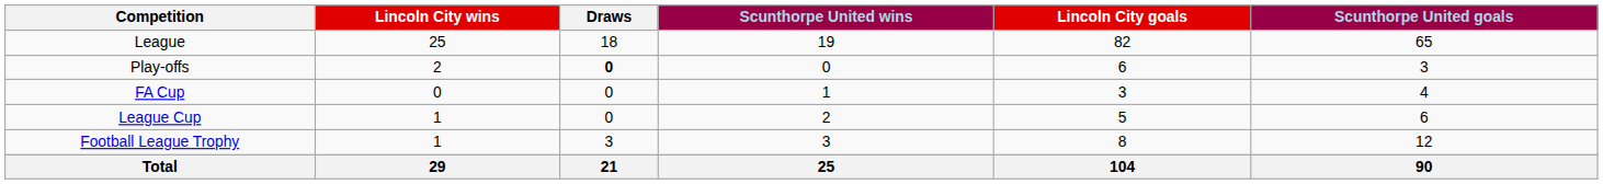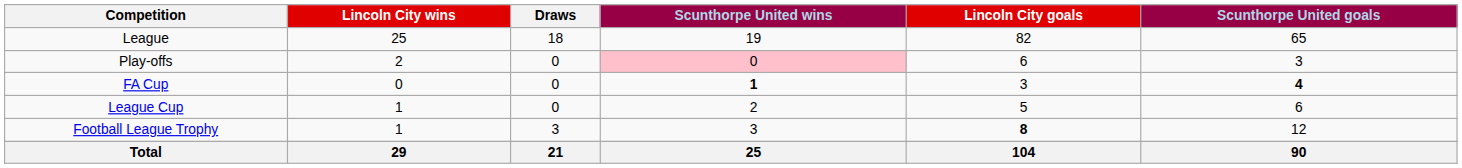 <table class="wikitable" style="text-align: center; width: 100%; font-size: 12px">
 <tr>
 <th>Competition</th>
 <th style="background:#E00000; color:white">Lincoln City wins</th>
 <th>Draws</th>
 <th style="background:#970045; color:#ADD8E6">Scunthorpe United wins</th>
 <th style="background:#E00000; color:white">Lincoln City goals</th>
 <th style="background:#970045; color:#ADD8E6">Scunthorpe United goals</th>
 </tr>
 <tr>
 <td>League</td>
 <td>25</td>
 <td>18</td>
 <td>19</td>
 <td>82</td>
 <td>65</td>
 </tr>
 <tr>
 <td>Play-offs</td>
 <td>2</td>
-<td><strong>0</strong></td>
 <td>0</td>
+<td style="background: pink;">0</td>
 <td>6</td>
 <td>3</td>
 </tr>
 <tr>
 <td><a href='#'>FA Cup</a></td>
 <td>0</td>
 <td>0</td>
-<td>1</td>
+<td><strong>1</strong></td>
 <td>3</td>
-<td>4</td>
+<td><strong>4</strong></td>
 </tr>
 <tr>
 <td><a href='#'>League Cup</a></td>
 <td>1</td>
 <td>0</td>
 <td>2</td>
 <td>5</td>
 <td>6</td>
 </tr>
 <tr>
 <td><a href='#'>Football League Trophy</a></td>
 <td>1</td>
 <td>3</td>
 <td>3</td>
-<td>8</td>
+<td><strong>8</strong></td>
 <td>12</td>
 </tr>
 <tr>
 </tr>
 <tr class="sortbottom">
 <th>Total</th>
 <th>29</th>
 <th>21</th>
 <th>25</th>
 <th>104</th>
 <th>90</th>
 </tr>
 </table>
